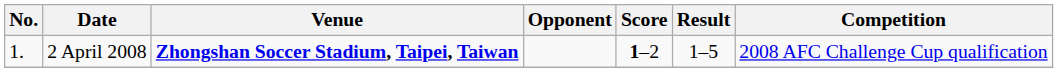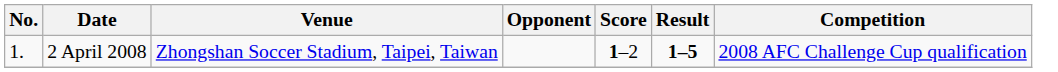 <table class="wikitable">
 <tr>
 <th>No.</th>
 <th>Date</th>
 <th>Venue</th>
 <th>Opponent</th>
 <th>Score</th>
 <th>Result</th>
 <th>Competition</th>
 </tr>
 <tr>
 <td>1.</td>
 <td>2 April 2008</td>
-<td><strong><a href='#'>Zhongshan Soccer Stadium</a>, <a href='#'>Taipei</a>, <a href='#'>Taiwan</a></strong></td>
+<td><a href='#'>Zhongshan Soccer Stadium</a>, <a href='#'>Taipei</a>, <a href='#'>Taiwan</a></td>
 <td></td>
 <td align=center><strong>1</strong>–2</td>
-<td align=center>1–5</td>
+<td align=center><strong>1–5</strong></td>
 <td><a href='#'>2008 AFC Challenge Cup qualification</a></td>
 </tr>
 <tr>
 </tr>
 </table>
